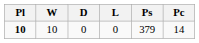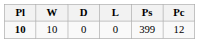 <table class="wikitable" style="text-align:center">
 <tr>
 <th width=40px>Pl</th>
 <th width=40px>W</th>
 <th width=40px>D</th>
 <th width=40px>L</th>
 <th width=40px>Ps</th>
 <th width=40px>Pc</th>
 </tr>
 <tr>
 <td><strong>10</strong></td>
 <td>10</td>
 <td>0</td>
 <td>0</td>
-<td>379</td>
-<td>14</td>
+<td>399</td>
+<td>12</td>
 </tr>
 </table>
